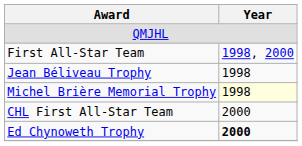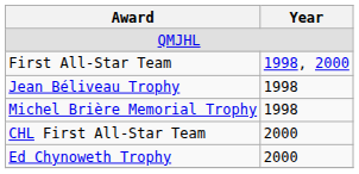 <table class="wikitable">
 <tr>
 <th>Award</th>
 <th>Year</th>
 </tr>
 <tr ALIGN="center" bgcolor="#e0e0e0">
 <td colspan="3"><a href='#'>QMJHL</a></td>
 </tr>
 <tr>
 <td>First All-Star Team</td>
 <td><a href='#'>1998</a>, <a href='#'>2000</a></td>
 </tr>
 <tr>
 <td><a href='#'>Jean Béliveau Trophy</a></td>
 <td>1998</td>
 </tr>
 <tr>
 <td><a href='#'>Michel Brière Memorial Trophy</a></td>
-<td style="background: lightyellow;">1998</td>
+<td>1998</td>
 </tr>
 <tr>
 <td><a href='#'>CHL</a> First All-Star Team</td>
 <td>2000</td>
 </tr>
 <tr>
 <td><a href='#'>Ed Chynoweth Trophy</a></td>
-<td><strong>2000</strong></td>
+<td>2000</td>
 </tr>
 <tr>
 </tr>
 </table>
